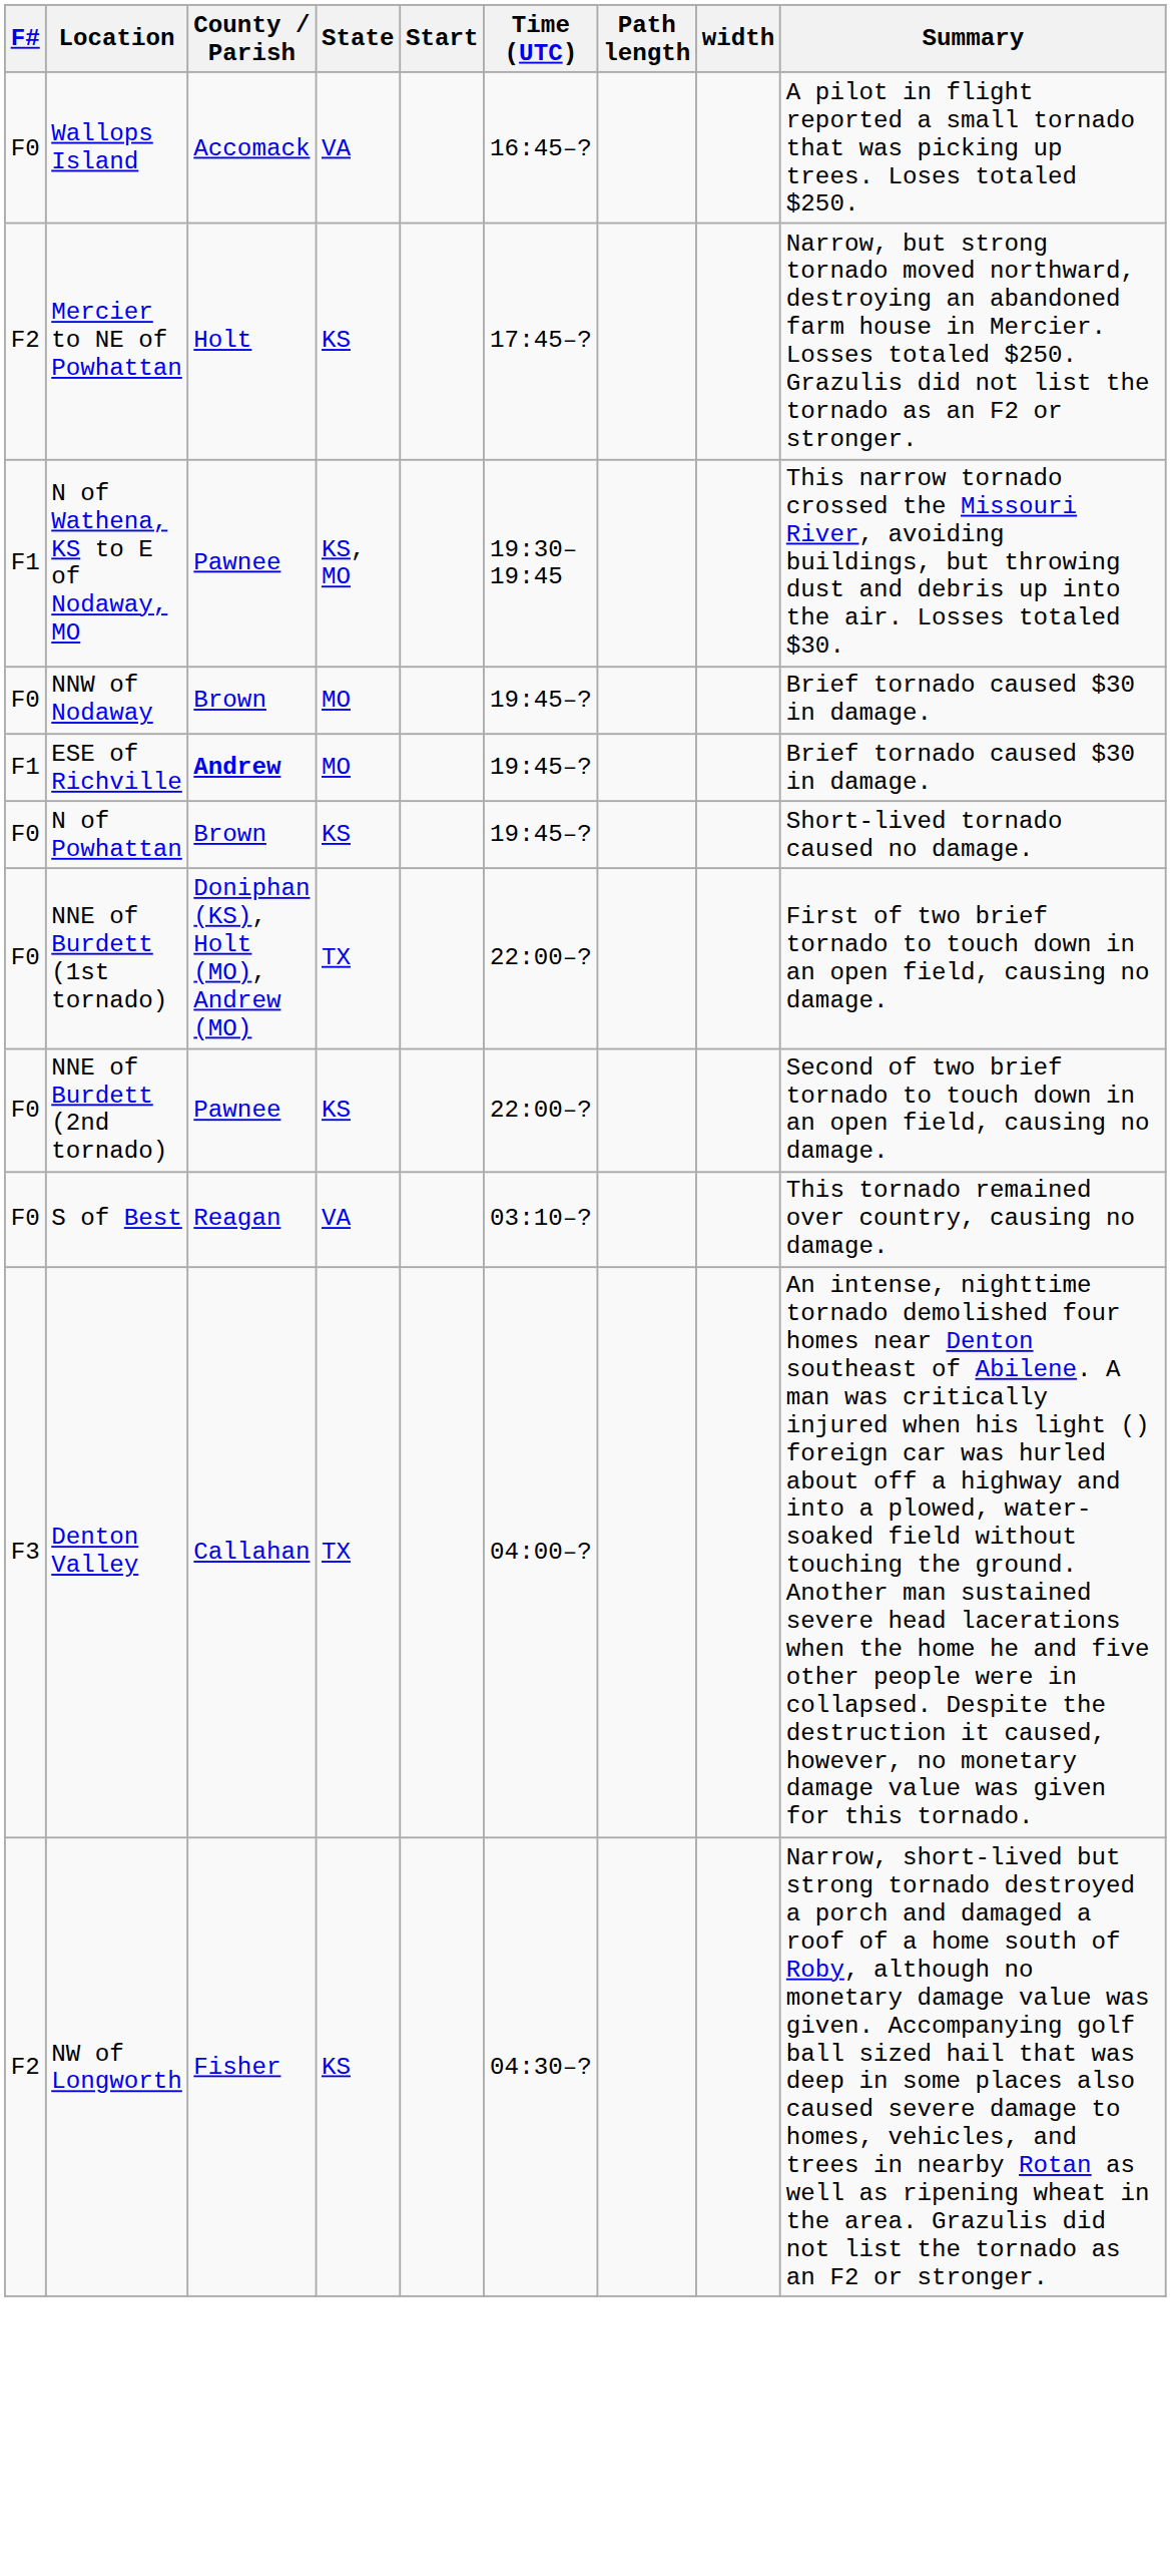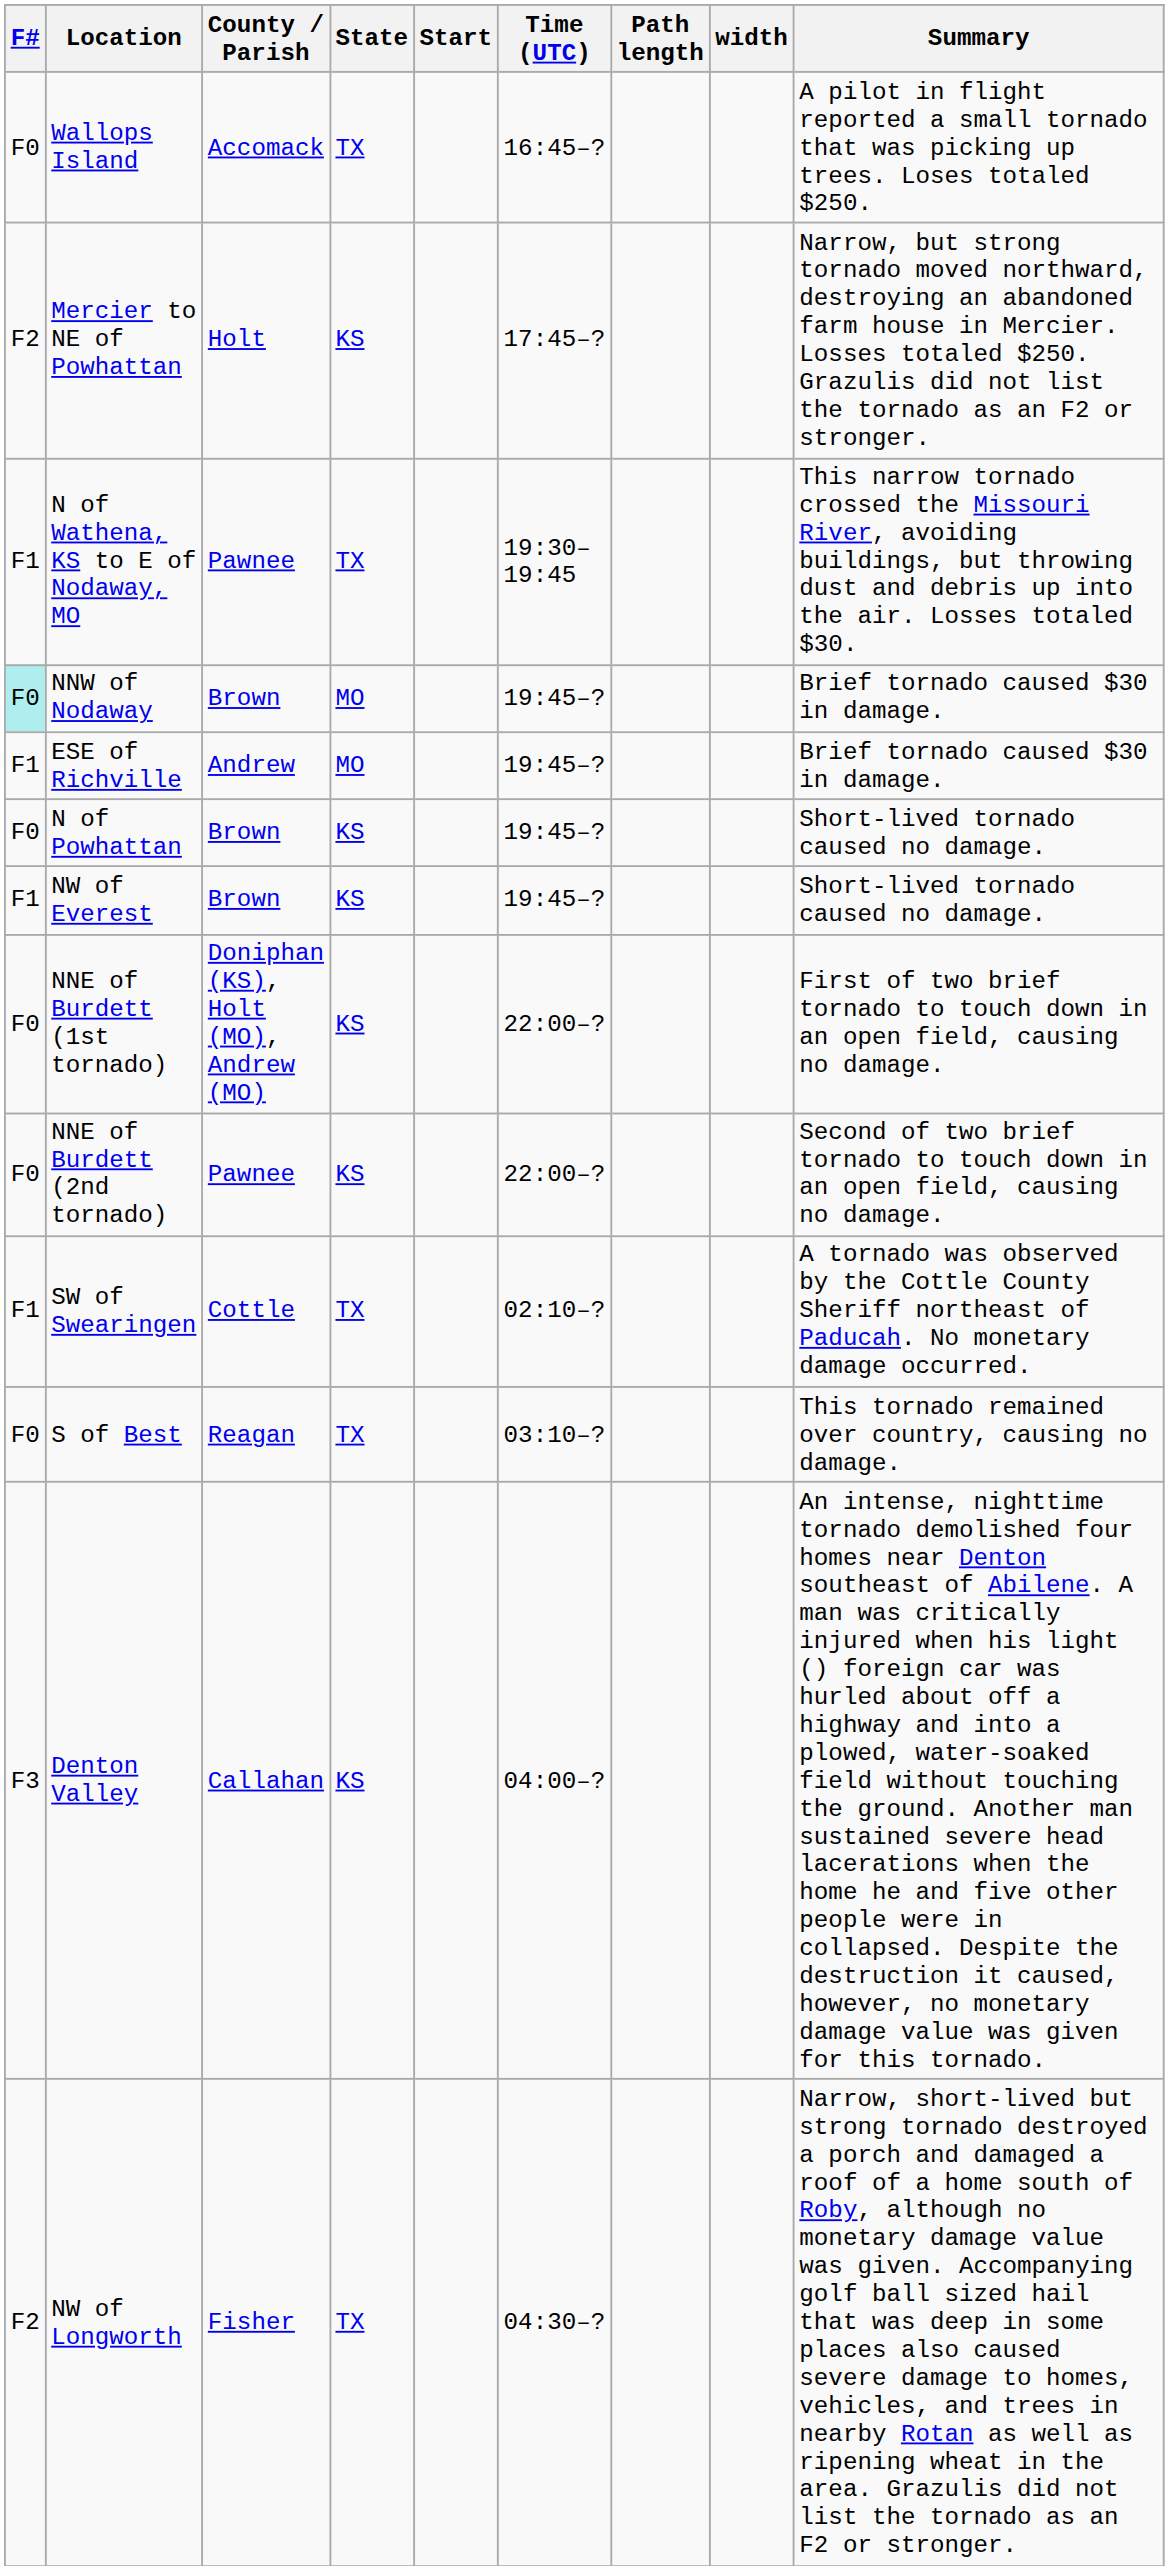 <table class="wikitable sortable" style="width:100%;">
 <tr>
 <th scope="col"  style="width:3%; text-align:center;"><a href='#'>F#</a></th>
 <th scope="col"  style="width:7%; text-align:center;" class="unsortable">Location</th>
 <th scope="col"  style="width:6%; text-align:center;" class="unsortable">County / Parish</th>
 <th scope="col"  style="width:5%; text-align:center;">State</th>
 <th scope="col"  style="width:6%; text-align:center;">Start<br></th>
 <th scope="col"  style="width:6%; text-align:center;">Time (<a href='#'>UTC</a>)</th>
 <th scope="col"  style="width:6%; text-align:center;">Path length</th>
 <th scope="col"  style="width:6%; text-align:center;"> width</th>
 <th scope="col" class="unsortable" style="width:48%; text-align:center;">Summary</th>
 </tr>
 <tr>
 <td>F0</td>
 <td><a href='#'>Wallops Island</a></td>
 <td><a href='#'>Accomack</a></td>
-<td><a href='#'>VA</a></td>
+<td><a href='#'>TX</a></td>
 <td></td>
 <td>16:45–?</td>
 <td></td>
 <td></td>
 <td>A pilot in flight reported a small tornado that was picking up trees. Loses totaled $250.</td>
 </tr>
 <tr>
 <td>F2</td>
 <td><a href='#'>Mercier</a> to NE of <a href='#'>Powhattan</a></td>
 <td><a href='#'>Holt</a> </td>
 <td><a href='#'>KS</a></td>
 <td></td>
 <td>17:45–?</td>
 <td></td>
 <td></td>
 <td>Narrow, but strong tornado moved northward, destroying an abandoned farm house in Mercier. Losses totaled $250. Grazulis did not list the tornado as an F2 or stronger.</td>
 </tr>
 <tr>
 <td>F1</td>
 <td>N of <a href='#'>Wathena, KS</a> to E of <a href='#'>Nodaway, MO</a></td>
 <td><a href='#'>Pawnee</a></td>
-<td><a href='#'>KS</a>, <a href='#'>MO</a></td>
+<td><a href='#'>TX</a></td>
 <td></td>
 <td>19:30–19:45</td>
 <td></td>
 <td></td>
 <td>This narrow tornado crossed the <a href='#'>Missouri River</a>, avoiding buildings, but throwing dust and debris up  into the air. Losses totaled $30.</td>
 </tr>
 <tr>
-<td>F0</td>
+<td style="background: paleturquoise;">F0</td>
 <td>NNW of <a href='#'>Nodaway</a></td>
 <td><a href='#'>Brown</a></td>
 <td><a href='#'>MO</a></td>
 <td></td>
 <td>19:45–?</td>
 <td></td>
 <td></td>
 <td>Brief tornado caused $30 in damage.</td>
 </tr>
 <tr>
 <td>F1</td>
 <td>ESE of <a href='#'>Richville</a></td>
-<td><strong><a href='#'>Andrew</a></strong></td>
+<td><a href='#'>Andrew</a></td>
 <td><a href='#'>MO</a></td>
 <td></td>
 <td>19:45–?</td>
 <td></td>
 <td></td>
 <td>Brief tornado caused $30 in damage.</td>
 </tr>
 <tr>
 <td>F0</td>
 <td>N of <a href='#'>Powhattan</a></td>
 <td><a href='#'>Brown</a></td>
 <td><a href='#'>KS</a></td>
 <td></td>
 <td>19:45–?</td>
 <td></td>
 <td></td>
 <td>Short-lived tornado caused no damage.</td>
 </tr>
 <tr>
+<td>F1</td>
+<td>NW of <a href='#'>Everest</a></td>
+<td><a href='#'>Brown</a></td>
+<td><a href='#'>KS</a></td>
+<td></td>
+<td>19:45–?</td>
+<td></td>
+<td></td>
+<td>Short-lived tornado caused no damage.</td>
+</tr>
+<tr>
 <td>F0</td>
 <td>NNE of <a href='#'>Burdett</a> (1st tornado)</td>
 <td><a href='#'>Doniphan (KS)</a>, <a href='#'>Holt (MO)</a>, <a href='#'>Andrew (MO)</a> </td>
-<td><a href='#'>TX</a></td>
+<td><a href='#'>KS</a></td>
 <td></td>
 <td>22:00–?</td>
 <td></td>
 <td></td>
 <td>First of two brief tornado to touch down in an open field, causing no damage.</td>
 </tr>
 <tr>
 <td>F0</td>
 <td>NNE of <a href='#'>Burdett</a> (2nd tornado)</td>
 <td><a href='#'>Pawnee</a></td>
 <td><a href='#'>KS</a></td>
 <td></td>
 <td>22:00–?</td>
 <td></td>
 <td></td>
 <td>Second of two brief tornado to touch down in an open field, causing no damage.</td>
 </tr>
 <tr>
+<td>F1</td>
+<td>SW of <a href='#'>Swearingen</a></td>
+<td><a href='#'>Cottle</a></td>
+<td><a href='#'>TX</a></td>
+<td></td>
+<td>02:10–?</td>
+<td></td>
+<td></td>
+<td>A tornado was observed by the Cottle County Sheriff  northeast of <a href='#'>Paducah</a>. No monetary damage occurred.</td>
+</tr>
+<tr>
 <td>F0</td>
 <td>S of <a href='#'>Best</a></td>
 <td><a href='#'>Reagan</a></td>
-<td><a href='#'>VA</a></td>
+<td><a href='#'>TX</a></td>
 <td></td>
 <td>03:10–?</td>
 <td></td>
 <td></td>
 <td>This tornado remained over country, causing no damage.</td>
 </tr>
 <tr>
 <td>F3</td>
 <td><a href='#'>Denton Valley</a></td>
 <td><a href='#'>Callahan</a></td>
-<td><a href='#'>TX</a></td>
+<td><a href='#'>KS</a></td>
 <td></td>
 <td>04:00–?</td>
 <td></td>
 <td></td>
 <td>An intense, nighttime tornado demolished four homes near <a href='#'>Denton</a>  southeast of <a href='#'>Abilene</a>. A man was critically injured when his light () foreign car was hurled about  off a highway and into a plowed, water-soaked field without touching the ground. Another man sustained severe head lacerations when the home he and five other people were in collapsed. Despite the destruction it caused, however, no monetary damage value was given for this tornado.</td>
 </tr>
 <tr>
 <td>F2</td>
 <td>NW of <a href='#'>Longworth</a></td>
 <td><a href='#'>Fisher</a></td>
-<td><a href='#'>KS</a></td>
+<td><a href='#'>TX</a></td>
 <td></td>
 <td>04:30–?</td>
 <td></td>
 <td></td>
 <td>Narrow, short-lived but strong tornado destroyed a porch and damaged a roof of a home  south of <a href='#'>Roby</a>, although no monetary damage value was given. Accompanying golf ball sized hail that was  deep in some places also caused severe damage to homes, vehicles, and trees in nearby <a href='#'>Rotan</a> as well as ripening wheat in the area. Grazulis did not list the tornado as an F2 or stronger.</td>
 </tr>
 </table>
